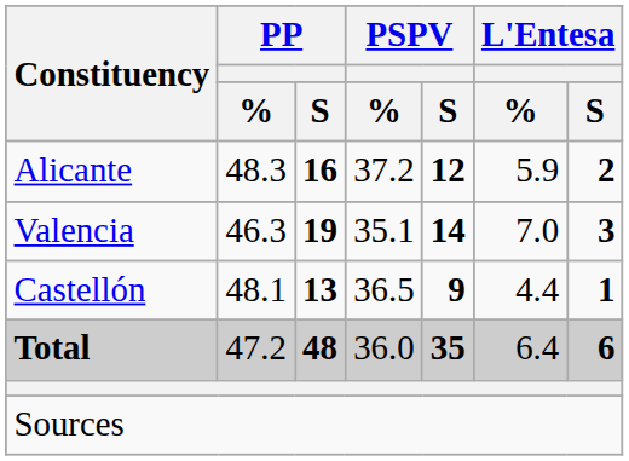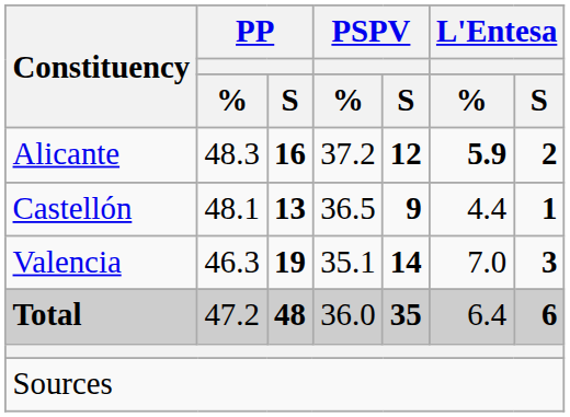 <table class="wikitable sortable" style="text-align:right; line-height:20px;">
 <tr>
 <th rowspan="3">Constituency</th>
 <th colspan="2" width="30px" class="unsortable"><a href='#'>PP</a></th>
 <th colspan="2" width="30px" class="unsortable"><a href='#'>PSPV</a></th>
 <th colspan="2" width="30px" class="unsortable"><a href='#'>L'Entesa</a></th>
 </tr>
 <tr>
 <th colspan="2" style="background:"></th>
 <th colspan="2" style="background:"></th>
 <th colspan="2" style="background:"></th>
 </tr>
 <tr>
 <th data-sort-type="number">%</th>
 <th data-sort-type="number">S</th>
 <th data-sort-type="number">%</th>
 <th data-sort-type="number">S</th>
 <th data-sort-type="number">%</th>
 <th data-sort-type="number">S</th>
 </tr>
 <tr>
 <td align="left"><a href='#'>Alicante</a></td>
 <td style="background:">48.3</td>
 <td><strong>16</strong></td>
 <td>37.2</td>
 <td><strong>12</strong></td>
-<td>5.9</td>
+<td><strong>5.9</strong></td>
 <td><strong>2</strong></td>
+</tr>
+<tr>
+<td align="left"><a href='#'>Castellón</a></td>
+<td style="background:">48.1</td>
+<td><strong>13</strong></td>
+<td>36.5</td>
+<td><strong>9</strong></td>
+<td>4.4</td>
+<td><strong>1</strong></td>
 </tr>
 <tr>
 <td align="left"><a href='#'>Valencia</a></td>
 <td style="background:">46.3</td>
 <td><strong>19</strong></td>
 <td>35.1</td>
 <td><strong>14</strong></td>
 <td>7.0</td>
 <td><strong>3</strong></td>
-</tr>
-<tr>
-<td align="left"><a href='#'>Castellón</a></td>
-<td style="background:">48.1</td>
-<td><strong>13</strong></td>
-<td>36.5</td>
-<td><strong>9</strong></td>
-<td>4.4</td>
-<td><strong>1</strong></td>
 </tr>
 <tr style="background:#CDCDCD;">
 <td align="left"><strong>Total</strong></td>
 <td style="background:">47.2</td>
 <td><strong>48</strong></td>
 <td>36.0</td>
 <td><strong>35</strong></td>
 <td>6.4</td>
 <td><strong>6</strong></td>
 </tr>
 <tr>
 <th colspan="7"></th>
 </tr>
 <tr>
 <th style="text-align:left; font-weight:normal; background:#F9F9F9" colspan="7">Sources</th>
 </tr>
 </table>
